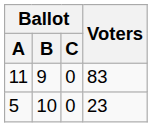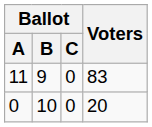 <table class="wikitable">
 <tr>
 <th colspan=3>Ballot</th>
 <th rowspan=2>Voters</th>
 </tr>
 <tr>
 <th>A</th>
 <th>B</th>
 <th>C</th>
 </tr>
 <tr>
 <td>11</td>
 <td>9</td>
 <td>0</td>
 <td>83</td>
 </tr>
 <tr>
-<td>5</td>
+<td>0</td>
 <td>10</td>
 <td>0</td>
-<td>23</td>
+<td>20</td>
 </tr>
 </table>
